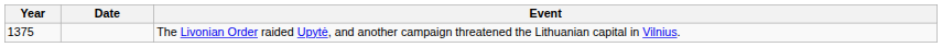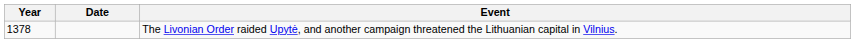 <table class="wikitable" width="100%">
 <tr>
 <th style="width:6%">Year</th>
 <th style="width:10%">Date</th>
 <th>Event</th>
 </tr>
 <tr>
-<td>1375</td>
+<td>1378</td>
 <td></td>
 <td>The <a href='#'>Livonian Order</a> raided <a href='#'>Upytė</a>, and another campaign threatened the Lithuanian capital in <a href='#'>Vilnius</a>.</td>
 </tr>
 </table>
